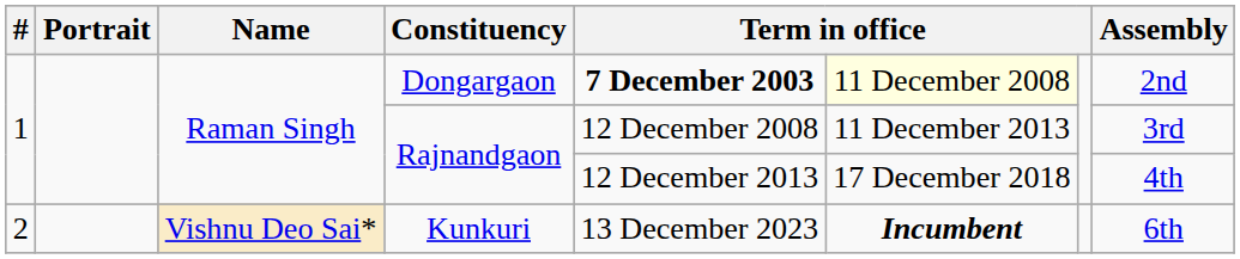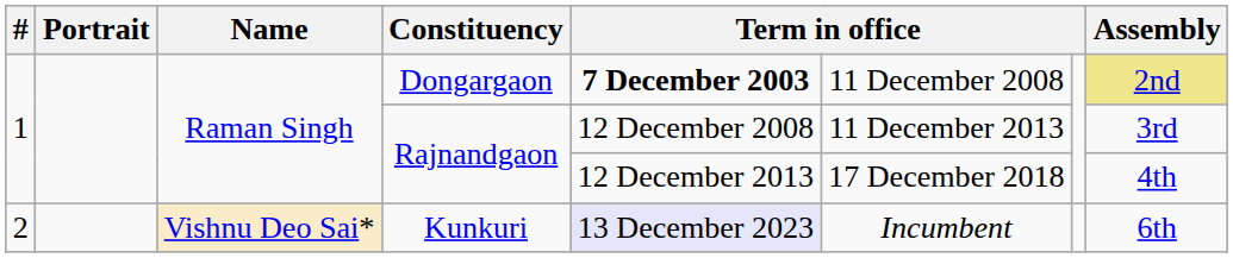 <table class="wikitable plainrowheaders" style="text-align:center">
 <tr align=center>
 <th>#</th>
 <th>Portrait</th>
 <th>Name</th>
 <th>Constituency</th>
 <th colspan="3">Term in office</th>
 <th>Assembly</th>
 </tr>
 <tr align="center">
 <td rowspan="3">1</td>
 <td rowspan="3"></td>
 <td rowspan="3"><a href='#'>Raman Singh</a></td>
 <td><a href='#'>Dongargaon</a></td>
 <td><strong>7 December 2003</strong></td>
-<td style="background: lightyellow;">11 December 2008</td>
+<td>11 December 2008</td>
 <td rowspan="3"></td>
-<td><a href='#'>2nd</a></td>
+<td style="background: khaki;"><a href='#'>2nd</a></td>
 </tr>
 <tr align="center">
 <td rowspan="2"><a href='#'>Rajnandgaon</a></td>
 <td>12 December 2008</td>
 <td>11 December 2013</td>
 <td><a href='#'>3rd</a></td>
 </tr>
 <tr align="center">
 <td>12 December 2013</td>
 <td>17 December 2018</td>
 <td><a href='#'>4th</a></td>
 </tr>
 <tr align="center">
 <td>2</td>
 <td></td>
 <td style="background:#faecc8;text-align:center;"><a href='#'>Vishnu Deo Sai</a>*</td>
 <td><a href='#'>Kunkuri</a></td>
-<td>13 December 2023</td>
-<td><strong><em>Incumbent</em></strong></td>
+<td style="background: lavender;">13 December 2023</td>
+<td><em>Incumbent</em></td>
 <td></td>
 <td><a href='#'>6th</a></td>
 </tr>
 </table>
